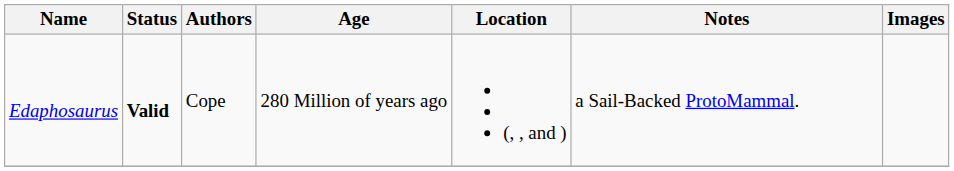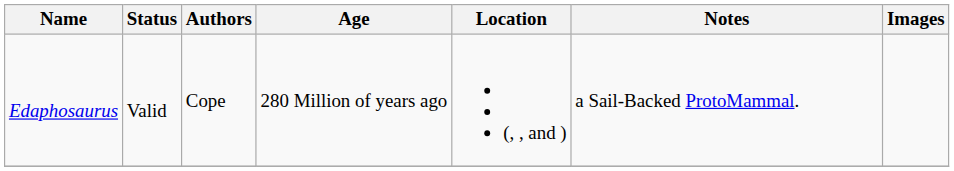 <table class="wikitable sortable">
 <tr>
 <th>Name</th>
 <th>Status</th>
 <th>Authors</th>
 <th>Age</th>
 <th>Location</th>
 <th width="33%" class="unsortable">Notes</th>
 <th>Images</th>
 </tr>
 <tr>
 <td><br><em><a href='#'>Edaphosaurus</a></em></td>
-<td><strong><br>Valid</strong></td>
+<td><br>Valid</td>
 <td>Cope<br></td>
 <td>280 Million of years ago</td>
 <td><br><ul><li></li><li></li><li> (, ,  and )</li></ul></td>
 <td>a Sail-Backed <a href='#'>ProtoMammal</a>.</td>
 <td><br></td>
 </tr>
 <tr>
 </tr>
 </table>
